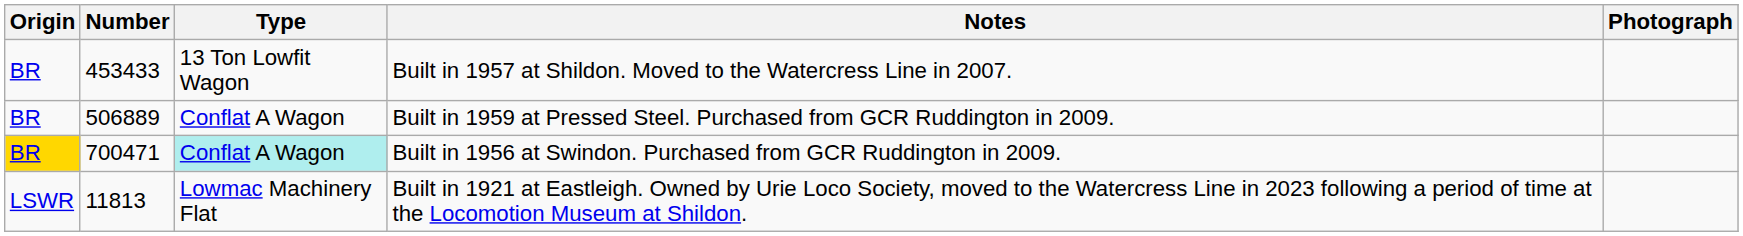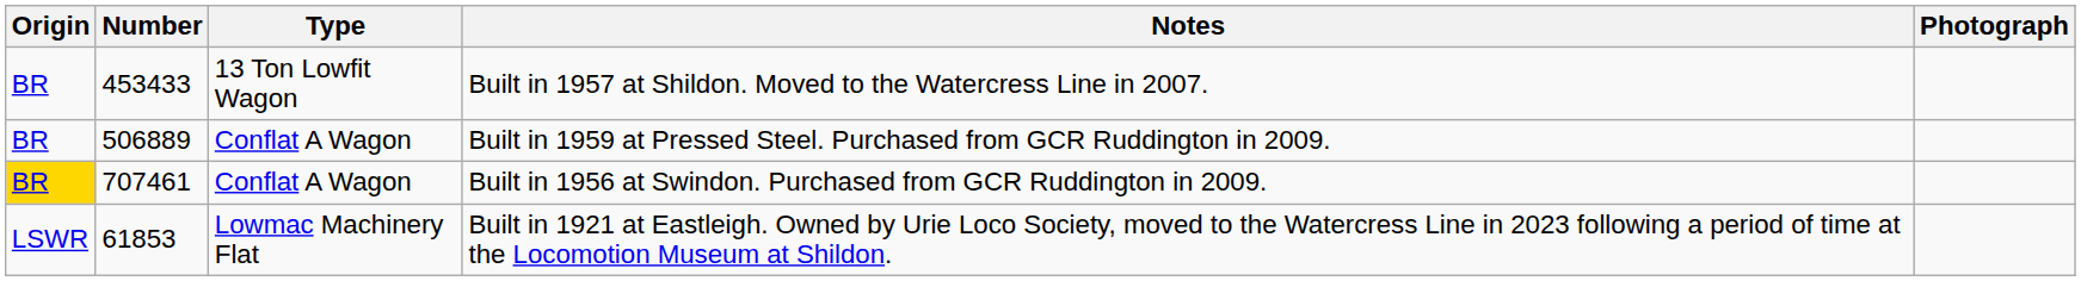 <table class="wikitable">
 <tr>
 <th>Origin</th>
 <th>Number</th>
 <th>Type</th>
 <th>Notes</th>
 <th>Photograph</th>
 </tr>
 <tr>
 <td><a href='#'>BR</a></td>
 <td>453433</td>
 <td>13 Ton Lowfit Wagon</td>
 <td>Built in 1957 at Shildon. Moved to the Watercress Line in 2007.</td>
 <td></td>
 </tr>
 <tr>
 <td><a href='#'>BR</a></td>
 <td>506889</td>
 <td><a href='#'>Conflat</a> A Wagon</td>
 <td>Built in 1959 at Pressed Steel. Purchased from GCR Ruddington in 2009.</td>
 <td></td>
 </tr>
 <tr>
 <td style="background: gold;"><a href='#'>BR</a></td>
-<td>700471</td>
-<td style="background: paleturquoise;"><a href='#'>Conflat</a> A Wagon</td>
+<td>707461</td>
+<td><a href='#'>Conflat</a> A Wagon</td>
 <td>Built in 1956 at Swindon. Purchased from GCR Ruddington in 2009.</td>
 <td></td>
 </tr>
 <tr>
 <td><a href='#'>LSWR</a></td>
-<td>11813</td>
+<td>61853</td>
 <td><a href='#'>Lowmac</a> Machinery Flat</td>
 <td>Built in 1921 at Eastleigh. Owned by Urie Loco Society, moved to the Watercress Line in 2023 following a period of time at the <a href='#'>Locomotion Museum at Shildon</a>.</td>
 <td></td>
 </tr>
 </table>
